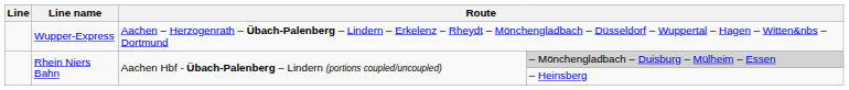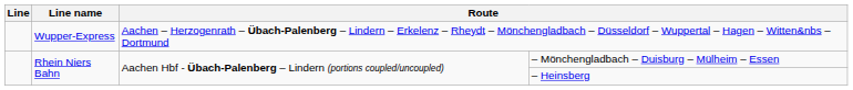 <table class="wikitable">
 <tr class="hintergrundfarbe5">
 <th>Line</th>
 <th>Line name</th>
 <th colspan="3">Route</th>
 </tr>
 <tr>
 <td></td>
 <td><a href='#'>Wupper-Express</a></td>
 <td colspan="2"><a href='#'>Aachen</a> – <a href='#'>Herzogenrath</a> – <strong>Übach-Palenberg</strong> – <a href='#'>Lindern</a> – <a href='#'>Erkelenz</a> – <a href='#'>Rheydt</a> – <a href='#'>Mönchengladbach</a> – <a href='#'>Düsseldorf</a> – <a href='#'>Wuppertal</a> – <a href='#'>Hagen</a> – <a href='#'>Witten&nbs</a> – <a href='#'>Dortmund</a></td>
 </tr>
 <tr>
 <td rowspan="2"></td>
 <td rowspan="2"><a href='#'>Rhein Niers Bahn</a></td>
 <td rowspan="2">Aachen Hbf - <strong>Übach-Palenberg</strong> – Lindern <small><em>(portions coupled/uncoupled)</em></small></td>
-<td style="background: lightgrey;">– Mönchengladbach – <a href='#'>Duisburg</a> – <a href='#'>Mülheim</a> – <a href='#'>Essen</a></td>
+<td>– Mönchengladbach – <a href='#'>Duisburg</a> – <a href='#'>Mülheim</a> – <a href='#'>Essen</a></td>
 </tr>
 <tr>
 <td>– <a href='#'>Heinsberg</a></td>
 </tr>
 </table>
